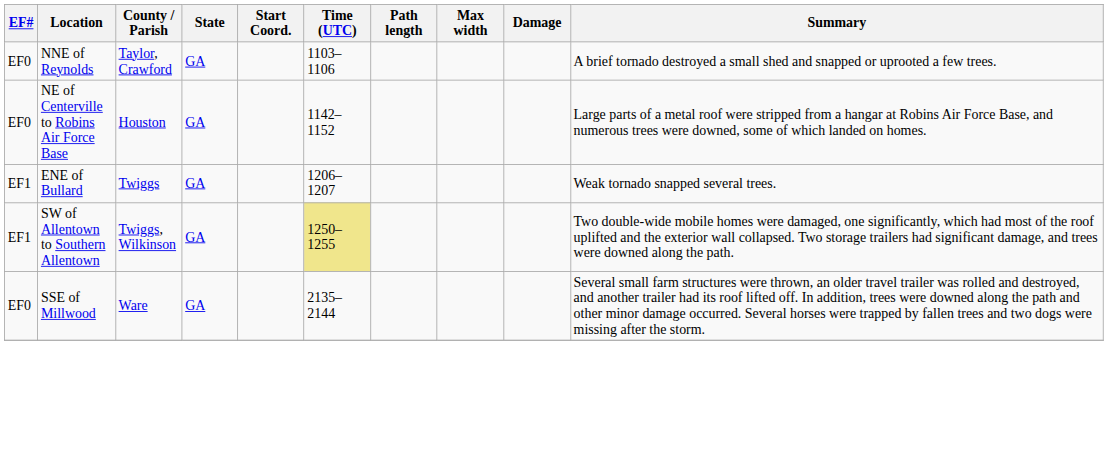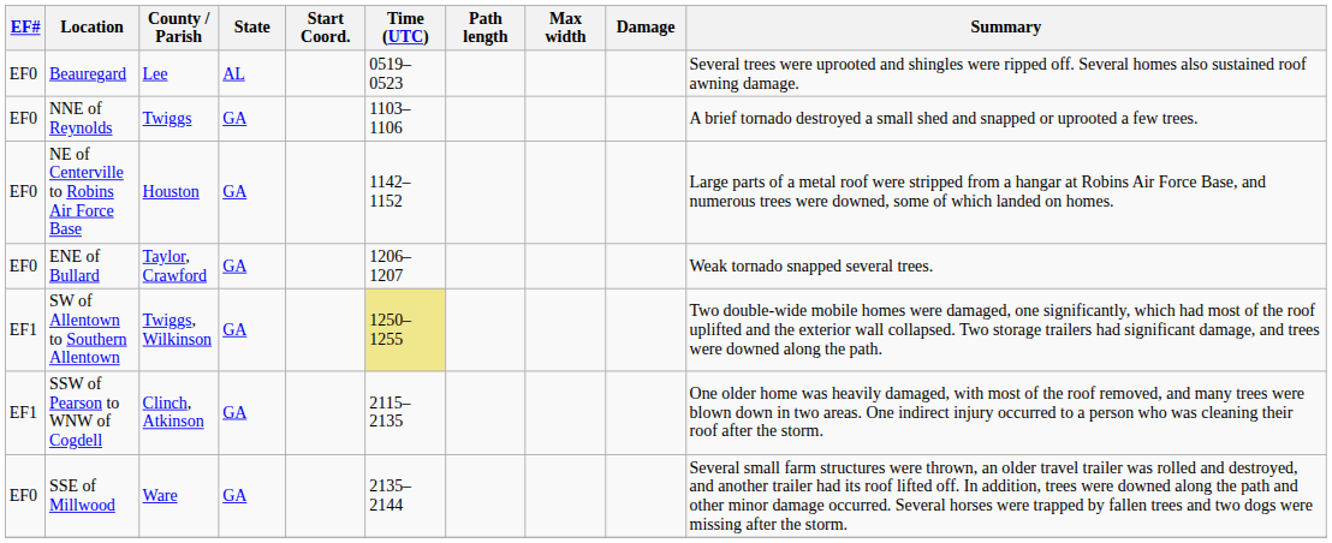 <table class="wikitable sortable" style="width:100%;">
 <tr>
 <th scope="col" width="3%" align="center"><a href='#'>EF#</a></th>
 <th scope="col" width="7%" align="center" class="unsortable">Location</th>
 <th scope="col" width="6%" align="center" class="unsortable">County / Parish</th>
 <th scope="col" width="5%" align="center">State</th>
 <th scope="col" width="6%" align="center">Start Coord.</th>
 <th scope="col" width="6%" align="center">Time (<a href='#'>UTC</a>)</th>
 <th scope="col" width="6%" align="center">Path length</th>
 <th scope="col" width="6%" align="center">Max width</th>
 <th scope="col" width="6%" align="center">Damage</th>
 <th scope="col" width="48%" class="unsortable" align="center">Summary</th>
 </tr>
 <tr>
 <td>EF0</td>
+<td><a href='#'>Beauregard</a></td>
+<td><a href='#'>Lee</a></td>
+<td><a href='#'>AL</a></td>
+<td></td>
+<td>0519–0523</td>
+<td></td>
+<td></td>
+<td></td>
+<td>Several trees were uprooted and shingles were ripped off. Several homes also sustained roof awning damage.</td>
+</tr>
+<tr>
+<td>EF0</td>
 <td>NNE of <a href='#'>Reynolds</a></td>
-<td><a href='#'>Taylor</a>, <a href='#'>Crawford</a></td>
+<td><a href='#'>Twiggs</a></td>
 <td><a href='#'>GA</a></td>
 <td></td>
 <td>1103–1106</td>
 <td></td>
 <td></td>
 <td></td>
 <td>A brief tornado destroyed a small shed and snapped or uprooted a few trees.</td>
 </tr>
 <tr>
 <td>EF0</td>
 <td>NE of <a href='#'>Centerville</a> to <a href='#'>Robins Air Force Base</a></td>
 <td><a href='#'>Houston</a></td>
 <td><a href='#'>GA</a></td>
 <td></td>
 <td>1142–1152</td>
 <td></td>
 <td></td>
 <td></td>
 <td>Large parts of a metal roof were stripped from a hangar at Robins Air Force Base, and numerous trees were downed, some of which landed on homes.</td>
 </tr>
 <tr>
-<td>EF1</td>
+<td>EF0</td>
 <td>ENE of <a href='#'>Bullard</a></td>
-<td><a href='#'>Twiggs</a></td>
+<td><a href='#'>Taylor</a>, <a href='#'>Crawford</a></td>
 <td><a href='#'>GA</a></td>
 <td></td>
 <td>1206–1207</td>
 <td></td>
 <td></td>
 <td></td>
 <td>Weak tornado snapped several trees.</td>
 </tr>
 <tr>
 <td>EF1</td>
 <td>SW of <a href='#'>Allentown</a> to <a href='#'>Southern Allentown</a></td>
 <td><a href='#'>Twiggs</a>, <a href='#'>Wilkinson</a></td>
 <td><a href='#'>GA</a></td>
 <td></td>
 <td style="background: khaki;">1250–1255</td>
 <td></td>
 <td></td>
 <td></td>
 <td>Two double-wide mobile homes were damaged, one significantly, which had most of the roof uplifted and the exterior wall collapsed. Two storage trailers had significant damage, and trees were downed along the path.</td>
 </tr>
 <tr>
+<td>EF1</td>
+<td>SSW of <a href='#'>Pearson</a> to WNW of <a href='#'>Cogdell</a></td>
+<td><a href='#'>Clinch</a>, <a href='#'>Atkinson</a></td>
+<td><a href='#'>GA</a></td>
+<td></td>
+<td>2115–2135</td>
+<td></td>
+<td></td>
+<td></td>
+<td>One older home was heavily damaged, with most of the roof removed, and many trees were blown down in two areas. One indirect injury occurred to a person who was cleaning their roof after the storm.</td>
+</tr>
+<tr>
 <td>EF0</td>
 <td>SSE of <a href='#'>Millwood</a></td>
 <td><a href='#'>Ware</a></td>
 <td><a href='#'>GA</a></td>
 <td></td>
 <td>2135–2144</td>
 <td></td>
 <td></td>
 <td></td>
 <td>Several small farm structures were thrown, an older travel trailer was rolled and destroyed, and another trailer had its roof lifted off. In addition, trees were downed along the path and other minor damage occurred. Several horses were trapped by fallen trees and two dogs were missing after the storm.</td>
 </tr>
 <tr>
 </tr>
 </table>
